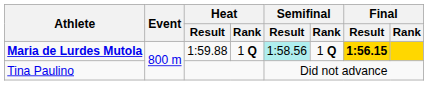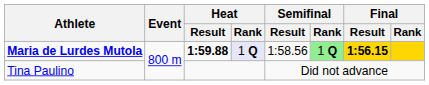 <table class="wikitable" style="font-size:90%">
 <tr>
 <th rowspan="2">Athlete</th>
 <th rowspan="2">Event</th>
 <th colspan="2">Heat</th>
 <th colspan="2">Semifinal</th>
 <th colspan="2">Final</th>
 </tr>
 <tr style="font-size:95%">
 <th>Result</th>
 <th>Rank</th>
 <th>Result</th>
 <th>Rank</th>
 <th>Result</th>
 <th>Rank</th>
 </tr>
 <tr align=center>
 <td align=left><strong><a href='#'>Maria de Lurdes Mutola</a></strong></td>
 <td align=left rowspan=2><a href='#'>800 m</a></td>
-<td>1:59.88</td>
-<td>1 <strong>Q</strong></td>
-<td style="background: paleturquoise;">1:58.56</td>
-<td>1 <strong>Q</strong></td>
+<td><strong>1:59.88</strong></td>
+<td style="background: lavender;">1 <strong>Q</strong></td>
+<td>1:58.56</td>
+<td style="background: lightgreen;">1 <strong>Q</strong></td>
 <td align="center" bgcolor='gold'><strong>1:56.15</strong></td>
 <td align="center" bgcolor='gold'></td>
 </tr>
 <tr align=center>
 <td align=left><a href='#'>Tina Paulino</a></td>
 <td colspan=2></td>
 <td colspan=4>Did not advance</td>
 </tr>
 </table>
